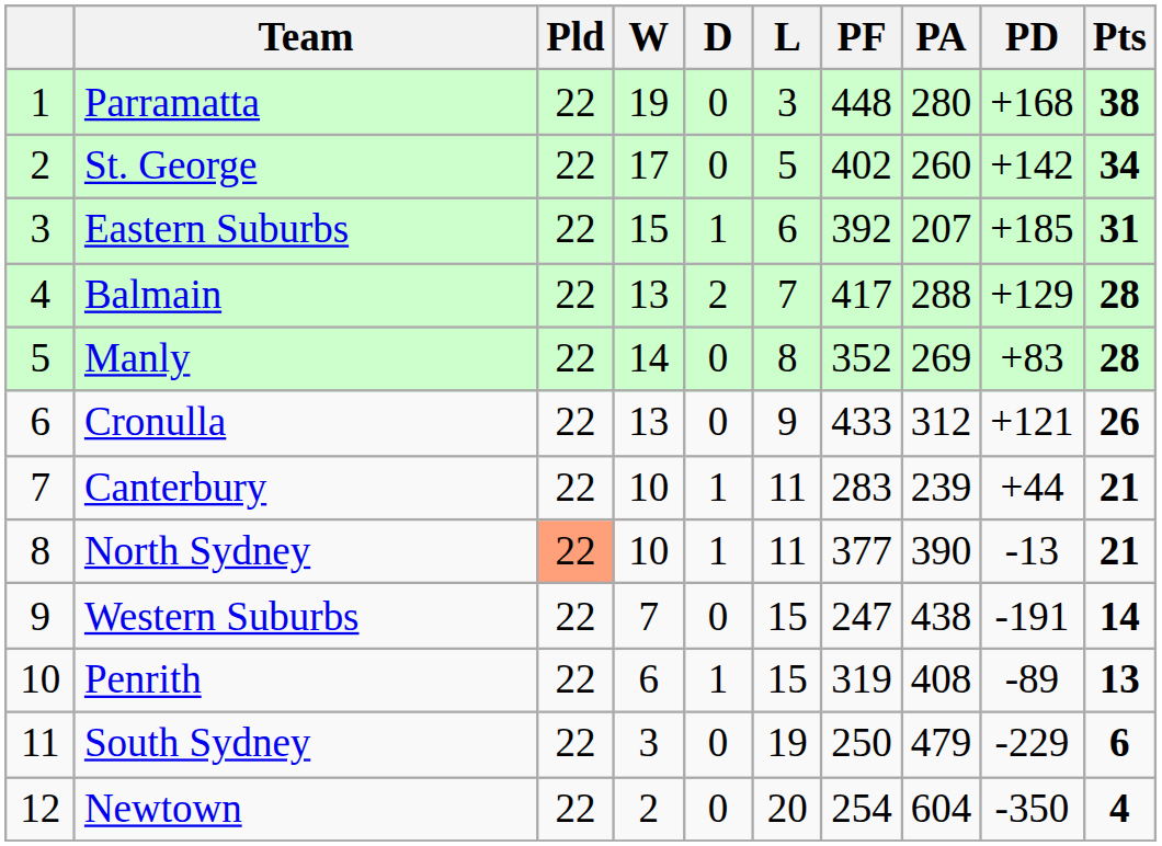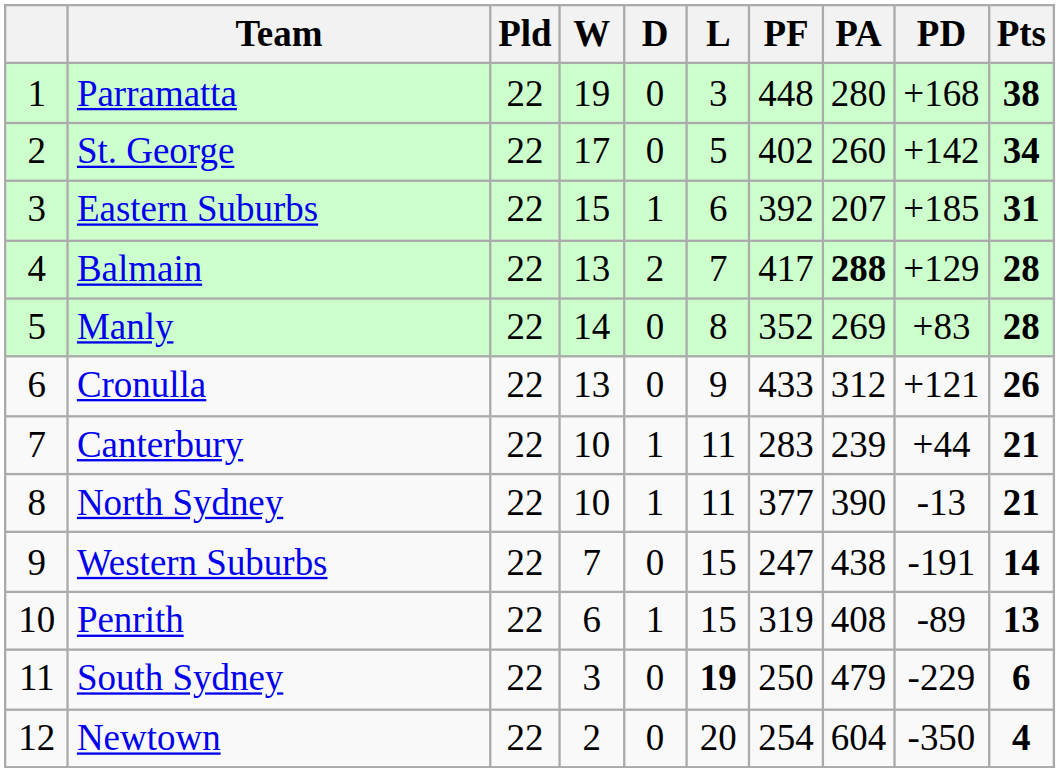 <table class="wikitable" style="text-align:center;">
 <tr>
 <th width=20 abbr="Position×"></th>
 <th width=175>Team</th>
 <th width=20 abbr="Played">Pld</th>
 <th width=20 abbr="Won">W</th>
 <th width=20 abbr="Drawn">D</th>
 <th width=20 abbr="Lost">L</th>
 <th width=20 abbr="Points for">PF</th>
 <th width=20 abbr="Points against">PA</th>
 <th width=20 abbr="Points difference">PD</th>
 <th width=20 abbr="Points">Pts</th>
 </tr>
 <tr style="background: #ccffcc;">
 <td>1</td>
 <td style="text-align:left;"> <a href='#'>Parramatta</a></td>
 <td>22</td>
 <td>19</td>
 <td>0</td>
 <td>3</td>
 <td>448</td>
 <td>280</td>
 <td>+168</td>
 <td><strong>38</strong></td>
 </tr>
 <tr style="background: #ccffcc;">
 <td>2</td>
 <td style="text-align:left;"> <a href='#'>St. George</a></td>
 <td>22</td>
 <td>17</td>
 <td>0</td>
 <td>5</td>
 <td>402</td>
 <td>260</td>
 <td>+142</td>
 <td><strong>34</strong></td>
 </tr>
 <tr style="background: #ccffcc;">
 <td>3</td>
 <td style="text-align:left;"> <a href='#'>Eastern Suburbs</a></td>
 <td>22</td>
 <td>15</td>
 <td>1</td>
 <td>6</td>
 <td>392</td>
 <td>207</td>
 <td>+185</td>
 <td><strong>31</strong></td>
 </tr>
 <tr style="background: #ccffcc;">
 <td>4</td>
 <td style="text-align:left;"> <a href='#'>Balmain</a></td>
 <td>22</td>
 <td>13</td>
 <td>2</td>
 <td>7</td>
 <td>417</td>
-<td>288</td>
+<td><strong>288</strong></td>
 <td>+129</td>
 <td><strong>28</strong></td>
 </tr>
 <tr style="background: #ccffcc;">
 <td>5</td>
 <td style="text-align:left;"> <a href='#'>Manly</a></td>
 <td>22</td>
 <td>14</td>
 <td>0</td>
 <td>8</td>
 <td>352</td>
 <td>269</td>
 <td>+83</td>
 <td><strong>28</strong></td>
 </tr>
 <tr>
 <td>6</td>
 <td style="text-align:left;"> <a href='#'>Cronulla</a></td>
 <td>22</td>
 <td>13</td>
 <td>0</td>
 <td>9</td>
 <td>433</td>
 <td>312</td>
 <td>+121</td>
 <td><strong>26</strong></td>
 </tr>
 <tr>
 <td>7</td>
 <td style="text-align:left;"> <a href='#'>Canterbury</a></td>
 <td>22</td>
 <td>10</td>
 <td>1</td>
 <td>11</td>
 <td>283</td>
 <td>239</td>
 <td>+44</td>
 <td><strong>21</strong></td>
 </tr>
 <tr>
 <td>8</td>
 <td style="text-align:left;"> <a href='#'>North Sydney</a></td>
-<td style="background: lightsalmon;">22</td>
+<td>22</td>
 <td>10</td>
 <td>1</td>
 <td>11</td>
 <td>377</td>
 <td>390</td>
 <td>-13</td>
 <td><strong>21</strong></td>
 </tr>
 <tr>
 <td>9</td>
 <td style="text-align:left;"> <a href='#'>Western Suburbs</a></td>
 <td>22</td>
 <td>7</td>
 <td>0</td>
 <td>15</td>
 <td>247</td>
 <td>438</td>
 <td>-191</td>
 <td><strong>14</strong></td>
 </tr>
 <tr>
 <td>10</td>
 <td style="text-align:left;"> <a href='#'>Penrith</a></td>
 <td>22</td>
 <td>6</td>
 <td>1</td>
 <td>15</td>
 <td>319</td>
 <td>408</td>
 <td>-89</td>
 <td><strong>13</strong></td>
 </tr>
 <tr>
 <td>11</td>
 <td style="text-align:left;"> <a href='#'>South Sydney</a></td>
 <td>22</td>
 <td>3</td>
 <td>0</td>
-<td>19</td>
+<td><strong>19</strong></td>
 <td>250</td>
 <td>479</td>
 <td>-229</td>
 <td><strong>6</strong></td>
 </tr>
 <tr>
 <td>12</td>
 <td style="text-align:left;"> <a href='#'>Newtown</a></td>
 <td>22</td>
 <td>2</td>
 <td>0</td>
 <td>20</td>
 <td>254</td>
 <td>604</td>
 <td>-350</td>
 <td><strong>4</strong></td>
 </tr>
 <tr>
 </tr>
 </table>
